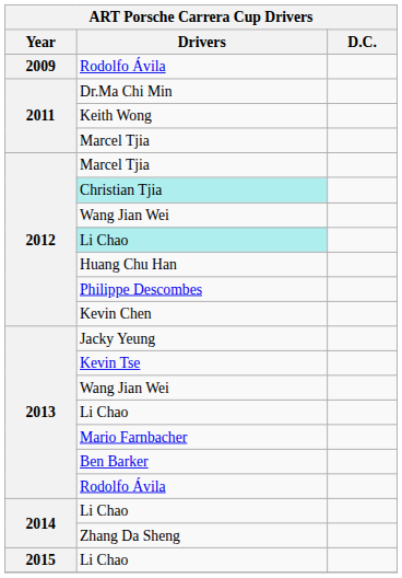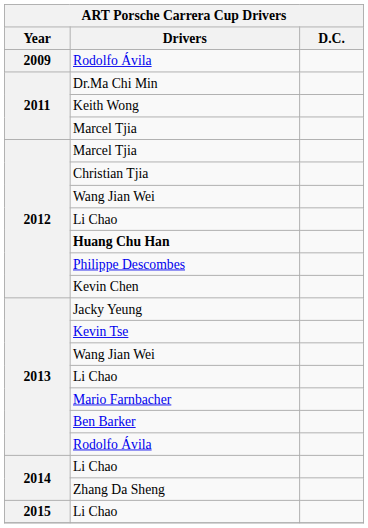 <table class="wikitable collapsible" style="font-size:95%; width:400px">
 <tr>
 <th colspan=10>ART Porsche Carrera Cup Drivers</th>
 </tr>
 <tr>
 <th>Year</th>
 <th>Drivers</th>
 <th>D.C.</th>
 </tr>
 <tr>
 <th><strong>2009</strong></th>
 <td> <a href='#'>Rodolfo Ávila</a></td>
 <td></td>
 </tr>
 <tr>
 <th rowspan="3"><strong>2011</strong></th>
 <td> Dr.Ma Chi Min</td>
 <td></td>
 </tr>
 <tr>
 <td> Keith Wong</td>
 <td></td>
 </tr>
 <tr>
 <td> Marcel Tjia</td>
 <td></td>
 </tr>
 <tr>
 <th rowspan="7"><strong>2012</strong></th>
 <td> Marcel Tjia</td>
 <td></td>
 </tr>
 <tr>
-<td style="background: paleturquoise;"> Christian Tjia</td>
+<td> Christian Tjia</td>
 <td></td>
 </tr>
 <tr>
 <td> Wang Jian Wei</td>
 <td></td>
 </tr>
 <tr>
-<td style="background: paleturquoise;"> Li Chao</td>
+<td> Li Chao</td>
 <td></td>
 </tr>
 <tr>
-<td> Huang Chu Han</td>
+<td><strong> Huang Chu Han</strong></td>
 <td></td>
 </tr>
 <tr>
 <td> <a href='#'>Philippe Descombes</a></td>
 <td></td>
 </tr>
 <tr>
 <td> Kevin Chen</td>
 <td></td>
 </tr>
 <tr>
 <th rowspan="7"><strong>2013</strong></th>
 <td> Jacky Yeung</td>
 <td></td>
 </tr>
 <tr>
 <td> <a href='#'>Kevin Tse</a></td>
 <td></td>
 </tr>
 <tr>
 <td> Wang Jian Wei</td>
 <td></td>
 </tr>
 <tr>
 <td> Li Chao</td>
 <td></td>
 </tr>
 <tr>
 <td> <a href='#'>Mario Farnbacher</a></td>
 <td></td>
 </tr>
 <tr>
 <td> <a href='#'>Ben Barker</a></td>
 <td></td>
 </tr>
 <tr>
 <td> <a href='#'>Rodolfo Ávila</a></td>
 <td></td>
 </tr>
 <tr>
 <th rowspan="2"><strong>2014</strong></th>
 <td> Li Chao</td>
 <td></td>
 </tr>
 <tr>
 <td> Zhang Da Sheng</td>
 <td></td>
 </tr>
 <tr>
 <th rowspan="1"><strong>2015</strong></th>
 <td> Li Chao</td>
 <td></td>
 </tr>
 <tr>
 </tr>
 </table>
